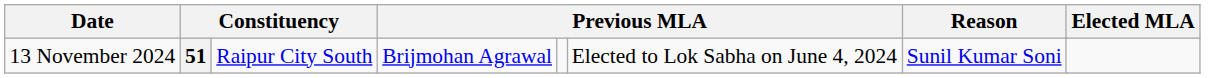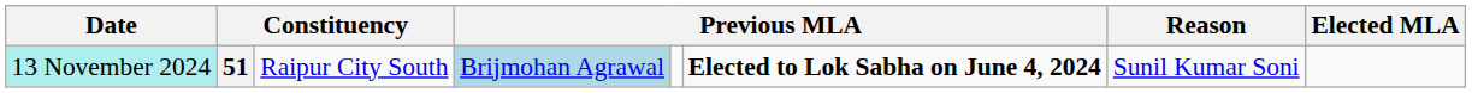 <table class="wikitable sortable" style="text-align:center;">
 <tr>
 <th>Date</th>
 <th colspan="2">Constituency</th>
 <th colspan="3">Previous MLA</th>
 <th>Reason</th>
 <th colspan="5">Elected MLA</th>
 </tr>
 <tr>
-<td>13 November 2024</td>
+<td style="background: paleturquoise;">13 November 2024</td>
 <th>51</th>
 <td><a href='#'>Raipur City South</a></td>
-<td><a href='#'>Brijmohan Agrawal</a></td>
+<td style="background: lightblue;"><a href='#'>Brijmohan Agrawal</a></td>
 <td></td>
-<td>Elected to Lok Sabha on June 4, 2024</td>
+<td><strong>Elected to Lok Sabha on June 4, 2024</strong></td>
 <td Colspan=3><a href='#'>Sunil Kumar Soni</a></td>
 <td></td>
 </tr>
 </table>
